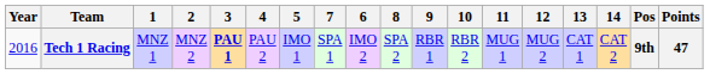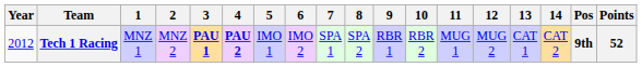 <table class="wikitable" style="text-align:center; font-size:85%">
 <tr>
 <th>Year</th>
 <th>Team</th>
 <th>1</th>
 <th>2</th>
 <th>3</th>
 <th>4</th>
 <th>5</th>
+<th>6</th>
 <th>7</th>
-<th>6</th>
 <th>8</th>
 <th>9</th>
 <th>10</th>
 <th>11</th>
 <th>12</th>
 <th>13</th>
 <th>14</th>
 <th>Pos</th>
 <th>Points</th>
 </tr>
 <tr>
-<td><a href='#'>2016</a></td>
+<td><a href='#'>2012</a></td>
 <th nowrap><a href='#'>Tech 1 Racing</a></th>
 <td style="background:#CFCFFF;"><a href='#'>MNZ<br>1</a><br></td>
 <td style="background:#EFCFFF;"><a href='#'>MNZ<br>2</a><br></td>
 <td style="background:#FFDF9F;"><strong><a href='#'>PAU<br>1</a><br></strong></td>
-<td style="background:#EFCFFF;"><a href='#'>PAU<br>2</a><br></td>
+<td style="background:#EFCFFF;"><strong><a href='#'>PAU<br>2</a><br></strong></td>
 <td style="background:#CFCFFF;"><a href='#'>IMO<br>1</a><br></td>
+<td style="background:#EFCFFF;"><a href='#'>IMO<br>2</a><br></td>
 <td style="background:#DFFFDF;"><a href='#'>SPA<br>1</a><br></td>
-<td style="background:#EFCFFF;"><a href='#'>IMO<br>2</a><br></td>
 <td style="background:#DFFFDF;"><a href='#'>SPA<br>2</a><br></td>
 <td style="background:#CFCFFF;"><a href='#'>RBR<br>1</a><br></td>
 <td style="background:#DFFFDF;"><a href='#'>RBR<br>2</a><br></td>
 <td style="background:#CFCFFF;"><a href='#'>MUG<br>1</a><br></td>
 <td style="background:#CFCFFF;"><a href='#'>MUG<br>2</a><br></td>
 <td style="background:#CFCFFF;"><a href='#'>CAT<br>1</a><br></td>
 <td style="background:#FFDF9F;"><a href='#'>CAT<br>2</a><br></td>
 <th>9th</th>
-<th>47</th>
+<th>52</th>
 </tr>
 </table>
